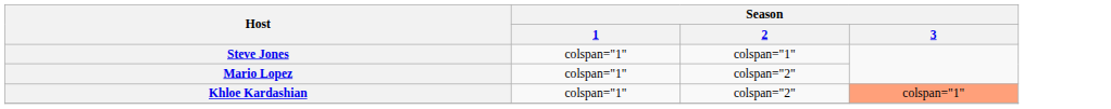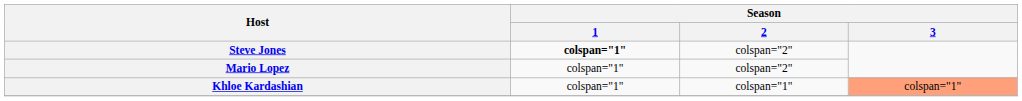 <table class="wikitable plainrowheaders" style="text-align:center">
 <tr>
 <th rowspan="2" style="width:20%;" scope="col">Host</th>
 <th colspan="3">Season</th>
 </tr>
 <tr>
 <th style="width:6.67%;" scope="colspan"><a href='#'>1</a></th>
 <th style="width:6.67%;" scope="colspan"><a href='#'>2</a></th>
 <th style="width:6.67%;" scope="colspan"><a href='#'>3</a></th>
 </tr>
 <tr>
 <th scope="row" style="text-align: center;"><a href='#'>Steve Jones</a></th>
-<td>colspan="1" </td>
-<td>colspan="1" </td>
+<td><strong>colspan="1" </strong></td>
+<td>colspan="2" </td>
 </tr>
 <tr>
 <th scope="row" style="text-align: center;"><a href='#'>Mario Lopez</a></th>
 <td>colspan="1" </td>
 <td>colspan="2" </td>
 </tr>
 <tr>
 <th scope="row" style="text-align: center;"><a href='#'>Khloe Kardashian</a></th>
 <td>colspan="1" </td>
-<td>colspan="2" </td>
+<td>colspan="1" </td>
 <td style="background: lightsalmon;">colspan="1" </td>
 </tr>
 <tr>
 </tr>
 </table>
